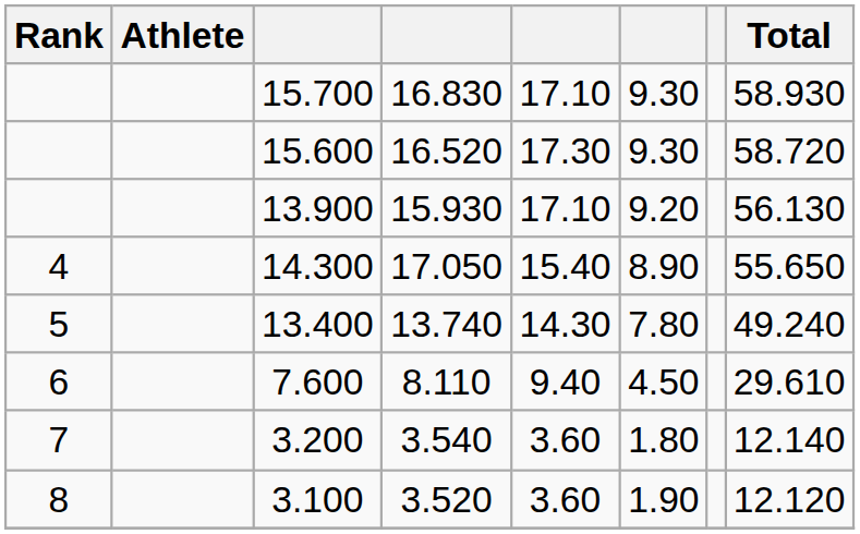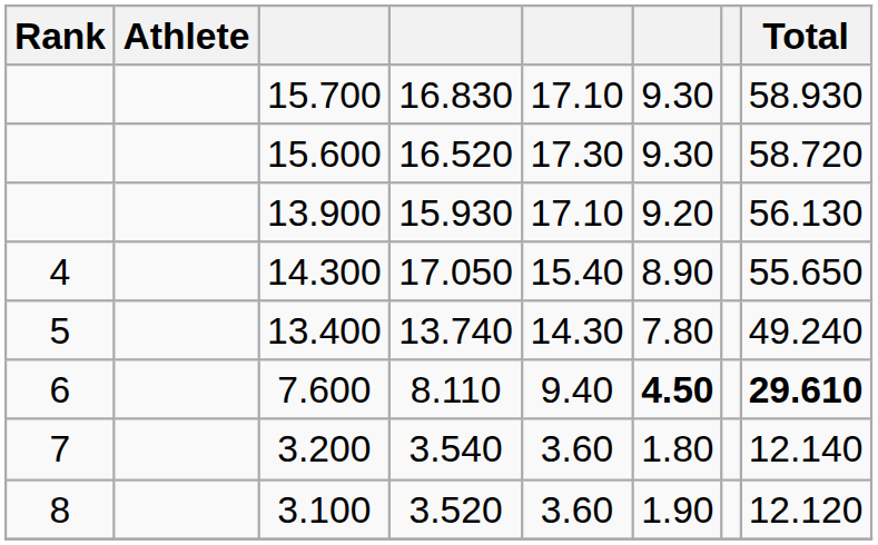 <table class="wikitable sortable" style="text-align:center; font-size:95%">
 <tr>
 <th>Rank</th>
 <th>Athlete</th>
 <th></th>
 <th></th>
 <th></th>
 <th></th>
 <th></th>
 <th>Total</th>
 </tr>
 <tr>
 <td></td>
 <td align=left></td>
 <td>15.700</td>
 <td>16.830</td>
 <td>17.10</td>
 <td>9.30</td>
 <td></td>
 <td>58.930</td>
 </tr>
 <tr>
 <td></td>
 <td align=left></td>
 <td>15.600</td>
 <td>16.520</td>
 <td>17.30</td>
 <td>9.30</td>
 <td></td>
 <td>58.720</td>
 </tr>
 <tr>
 <td></td>
 <td align=left></td>
 <td>13.900</td>
 <td>15.930</td>
 <td>17.10</td>
 <td>9.20</td>
 <td></td>
 <td>56.130</td>
 </tr>
 <tr>
 <td>4</td>
 <td align=left></td>
 <td>14.300</td>
 <td>17.050</td>
 <td>15.40</td>
 <td>8.90</td>
 <td></td>
 <td>55.650</td>
 </tr>
 <tr>
 <td>5</td>
 <td align=left></td>
 <td>13.400</td>
 <td>13.740</td>
 <td>14.30</td>
 <td>7.80</td>
 <td></td>
 <td>49.240</td>
 </tr>
 <tr>
 <td>6</td>
 <td align=left></td>
 <td>7.600</td>
 <td>8.110</td>
 <td>9.40</td>
-<td>4.50</td>
+<td><strong>4.50</strong></td>
 <td></td>
-<td>29.610</td>
+<td><strong>29.610</strong></td>
 </tr>
 <tr>
 <td>7</td>
 <td align=left></td>
 <td>3.200</td>
 <td>3.540</td>
 <td>3.60</td>
 <td>1.80</td>
 <td></td>
 <td>12.140</td>
 </tr>
 <tr>
 <td>8</td>
 <td align=left></td>
 <td>3.100</td>
 <td>3.520</td>
 <td>3.60</td>
 <td>1.90</td>
 <td></td>
 <td>12.120</td>
 </tr>
 <tr>
 </tr>
 </table>
